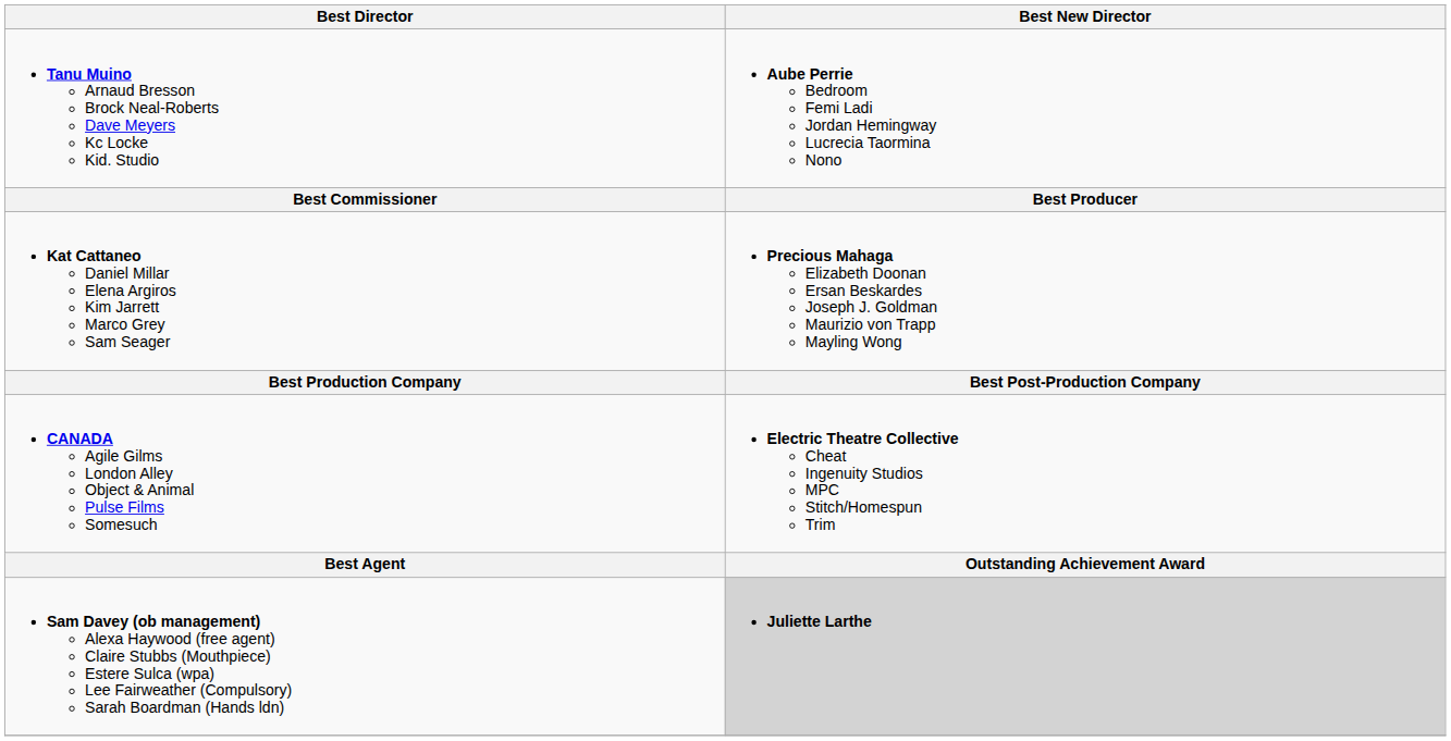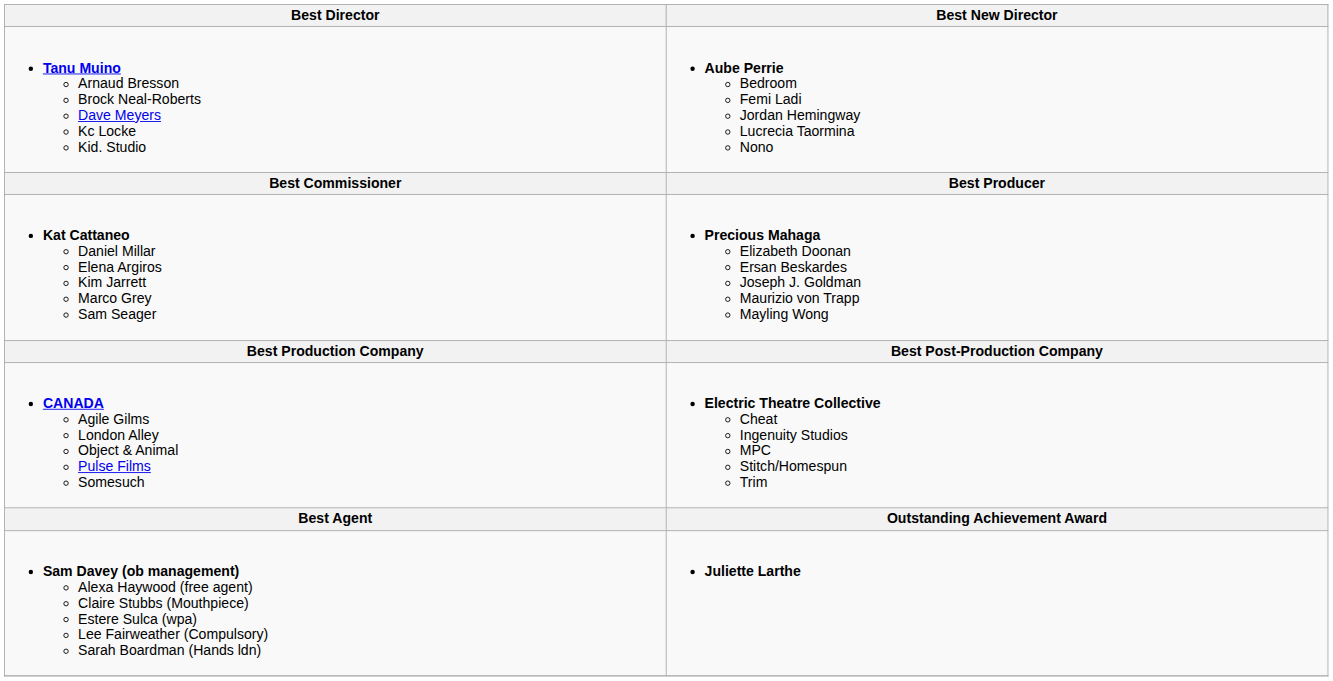 <table class="wikitable" style="width:95%">
 <tr bgcolor="#bebebe">
 <th width="50%">Best Director</th>
 <th width="50%">Best New Director</th>
 </tr>
 <tr>
 <td valign="top"><br><ul><li><strong><a href='#'>Tanu Muino</a></strong><ul><li>Arnaud Bresson</li><li>Brock Neal-Roberts</li><li><a href='#'>Dave Meyers</a></li><li>Kc Locke</li><li>Kid. Studio</li></ul></li></ul></td>
 <td valign="top"><br><ul><li><strong>Aube Perrie</strong><ul><li>Bedroom</li><li>Femi Ladi</li><li>Jordan Hemingway</li><li>Lucrecia Taormina</li><li>Nono</li></ul></li></ul></td>
 </tr>
 <tr>
 <th width="50%">Best Commissioner</th>
 <th width="50%">Best Producer</th>
 </tr>
 <tr>
 <td valign="top"><br><ul><li><strong>Kat Cattaneo</strong><ul><li>Daniel Millar</li><li>Elena Argiros</li><li>Kim Jarrett</li><li>Marco Grey</li><li>Sam Seager</li></ul></li></ul></td>
 <td valign="top"><br><ul><li><strong>Precious Mahaga</strong><ul><li>Elizabeth Doonan</li><li>Ersan Beskardes</li><li>Joseph J. Goldman</li><li>Maurizio von Trapp</li><li>Mayling Wong</li></ul></li></ul></td>
 </tr>
 <tr>
 <th width="50%">Best Production Company</th>
 <th width="50%">Best Post-Production Company</th>
 </tr>
 <tr>
 <td valign="top"><br><ul><li><strong><a href='#'>CANADA</a></strong><ul><li>Agile Gilms</li><li>London Alley</li><li>Object & Animal</li><li><a href='#'>Pulse Films</a></li><li>Somesuch</li></ul></li></ul></td>
 <td valign="top"><br><ul><li><strong>Electric Theatre Collective</strong><ul><li>Cheat</li><li>Ingenuity Studios</li><li>MPC</li><li>Stitch/Homespun</li><li>Trim</li></ul></li></ul></td>
 </tr>
 <tr>
 <th width="50%">Best Agent</th>
 <th width="50%">Outstanding Achievement Award</th>
 </tr>
 <tr>
 <td valign="top"><br><ul><li><strong>Sam Davey (ob management)</strong><ul><li>Alexa Haywood (free agent)</li><li>Claire Stubbs (Mouthpiece)</li><li>Estere Sulca (wpa)</li><li>Lee Fairweather (Compulsory)</li><li>Sarah Boardman (Hands ldn)</li></ul></li></ul></td>
-<td valign="top" style="background: lightgrey;"><br><ul><li><strong>Juliette Larthe</strong></li></ul></td>
+<td valign="top"><br><ul><li><strong>Juliette Larthe</strong></li></ul></td>
 </tr>
 <tr>
 </tr>
 </table>
